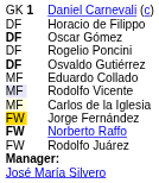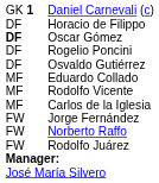 <table cellspacing="0" cellpadding="0" style="font-size:90%; margin:0.2em auto;">
 <tr>
 <th width="25"></th>
 <th width="25"></th>
 </tr>
 <tr>
 <td>GK</td>
 <td><strong>1</strong></td>
 <td> <a href='#'>Daniel Carnevali</a> (<a href='#'>c</a>)</td>
 </tr>
 <tr>
 <td>DF</td>
 <td></td>
 <td> Horacio de Filippo</td>
 </tr>
 <tr>
 <td><strong>DF</strong></td>
 <td></td>
 <td> Oscar Gómez</td>
 </tr>
 <tr>
 <td>DF</td>
 <td></td>
 <td> Rogelio Poncini</td>
 </tr>
 <tr>
-<td><strong>DF</strong></td>
+<td>DF</td>
 <td></td>
 <td> Osvaldo Gutiérrez</td>
 </tr>
 <tr>
 <td>MF</td>
 <td></td>
 <td> Eduardo Collado</td>
 </tr>
 <tr>
-<td style="background: lavender;">MF</td>
+<td>MF</td>
 <td></td>
 <td> Rodolfo Vicente</td>
 </tr>
 <tr>
-<td style="background: lightyellow;">MF</td>
+<td>MF</td>
 <td></td>
 <td> Carlos de la Iglesia</td>
 </tr>
 <tr>
-<td style="background: gold;">FW</td>
+<td>FW</td>
 <td></td>
 <td> Jorge Fernández</td>
 </tr>
 <tr>
-<td><strong>FW</strong></td>
+<td>FW</td>
 <td></td>
 <td> <a href='#'>Norberto Raffo</a></td>
 </tr>
 <tr>
 <td>FW</td>
 <td></td>
 <td> Rodolfo Juárez</td>
 </tr>
 <tr>
 <td colspan=3><strong>Manager:</strong></td>
 </tr>
 <tr>
 <td colspan=4> <a href='#'>José María Silvero</a></td>
 </tr>
 </table>
